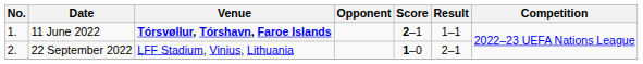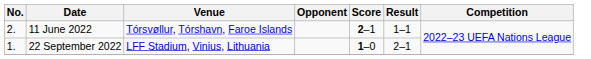 <table class="wikitable">
 <tr>
 <th>No.</th>
 <th>Date</th>
 <th>Venue</th>
 <th>Opponent</th>
 <th>Score</th>
 <th>Result</th>
 <th>Competition</th>
 </tr>
 <tr>
-<td>1.</td>
+<td>2.</td>
 <td>11 June 2022</td>
-<td><strong><a href='#'>Tórsvøllur</a>, <a href='#'>Tórshavn</a>, <a href='#'>Faroe Islands</a></strong></td>
+<td><a href='#'>Tórsvøllur</a>, <a href='#'>Tórshavn</a>, <a href='#'>Faroe Islands</a></td>
 <td></td>
 <td align=center><strong>2</strong>–1</td>
 <td align=center>1–1</td>
 <td rowspan=2><a href='#'>2022–23 UEFA Nations League</a></td>
 </tr>
 <tr>
-<td>2.</td>
+<td>1.</td>
 <td>22 September 2022</td>
 <td><a href='#'>LFF Stadium</a>, <a href='#'>Vinius</a>, <a href='#'>Lithuania</a></td>
 <td></td>
 <td align=center><strong>1</strong>–0</td>
 <td align=center>2–1</td>
 </tr>
 <tr>
 </tr>
 </table>
